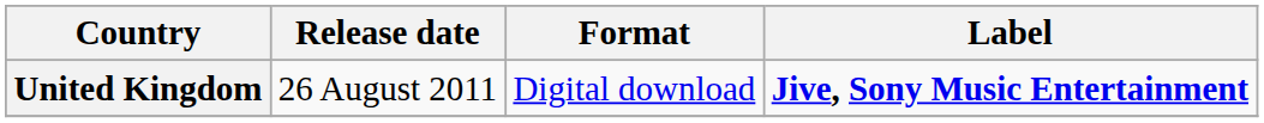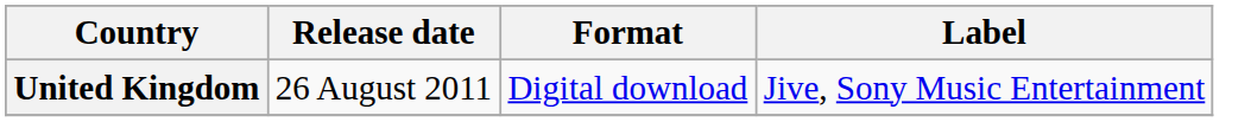 <table class="wikitable plainrowheaders">
 <tr>
 <th scope="col">Country</th>
 <th scope="col">Release date</th>
 <th scope="col">Format</th>
 <th scope="col">Label</th>
 </tr>
 <tr>
 <th scope="row">United Kingdom</th>
 <td>26 August 2011</td>
 <td><a href='#'>Digital download</a></td>
-<td><strong><a href='#'>Jive</a>, <a href='#'>Sony Music Entertainment</a></strong></td>
+<td><a href='#'>Jive</a>, <a href='#'>Sony Music Entertainment</a></td>
 </tr>
 <tr>
 </tr>
 </table>
